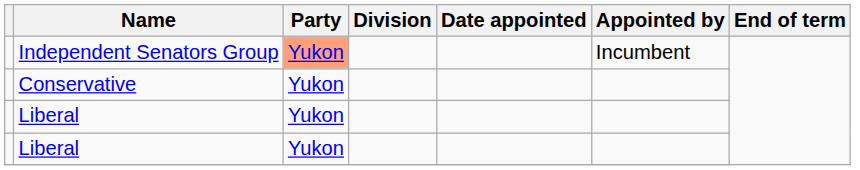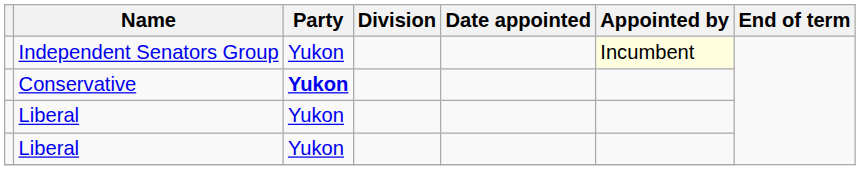 <table class="wikitable sortable">
 <tr>
 <th align=left class="unsortable"></th>
 <th align=left>Name</th>
 <th align=left>Party</th>
 <th align=left>Division</th>
 <th align=left>Date appointed</th>
 <th align=left>Appointed by</th>
 <th align=left>End of term</th>
 </tr>
 <tr>
 <td></td>
 <td><a href='#'>Independent Senators Group</a></td>
-<td style="background: lightsalmon;"><a href='#'>Yukon</a></td>
+<td><a href='#'>Yukon</a></td>
 <td></td>
 <td></td>
-<td>Incumbent</td>
+<td style="background: lightyellow;">Incumbent</td>
 </tr>
 <tr>
 <td></td>
 <td><a href='#'>Conservative</a></td>
-<td><a href='#'>Yukon</a></td>
+<td><strong><a href='#'>Yukon</a></strong></td>
 <td></td>
 <td></td>
 <td></td>
 </tr>
 <tr>
 <td></td>
 <td><a href='#'>Liberal</a></td>
 <td><a href='#'>Yukon</a></td>
 <td></td>
 <td></td>
 <td></td>
 </tr>
 <tr>
 <td></td>
 <td><a href='#'>Liberal</a></td>
 <td><a href='#'>Yukon</a></td>
 <td></td>
 <td></td>
 <td></td>
 </tr>
 <tr>
 </tr>
 </table>
